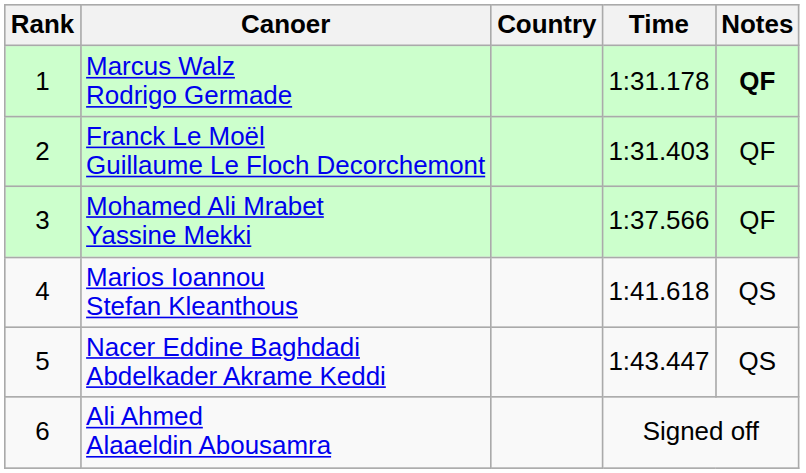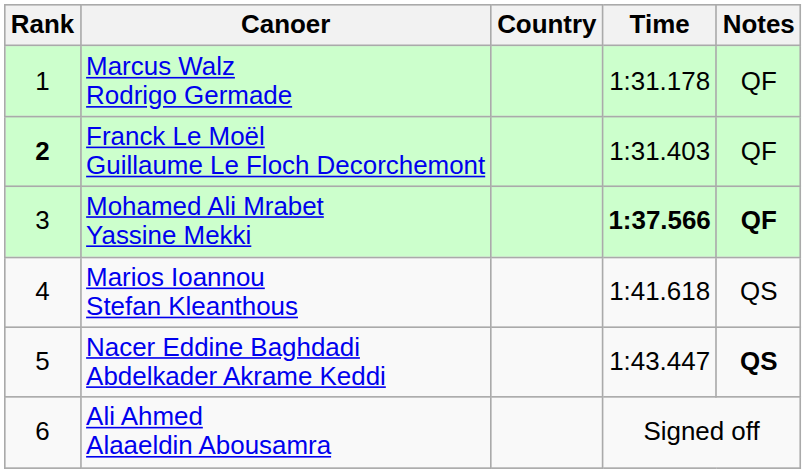 <table class="wikitable" style="text-align:center;">
 <tr>
 <th>Rank</th>
 <th>Canoer</th>
 <th>Country</th>
 <th>Time</th>
 <th>Notes</th>
 </tr>
 <tr bgcolor=ccffcc>
 <td>1</td>
 <td align="left"><a href='#'>Marcus Walz</a><br><a href='#'>Rodrigo Germade</a></td>
 <td align="left"></td>
 <td>1:31.178</td>
-<td><strong>QF</strong></td>
+<td>QF</td>
 </tr>
 <tr bgcolor=ccffcc>
-<td>2</td>
+<td><strong>2</strong></td>
 <td align="left"><a href='#'>Franck Le Moël</a><br><a href='#'>Guillaume Le Floch Decorchemont</a></td>
 <td align="left"></td>
 <td>1:31.403</td>
 <td>QF</td>
 </tr>
 <tr bgcolor=ccffcc>
 <td>3</td>
 <td align="left"><a href='#'>Mohamed Ali Mrabet</a><br><a href='#'>Yassine Mekki</a></td>
 <td align="left"></td>
-<td>1:37.566</td>
-<td>QF</td>
+<td><strong>1:37.566</strong></td>
+<td><strong>QF</strong></td>
 </tr>
 <tr>
 <td>4</td>
 <td align="left"><a href='#'>Marios Ioannou</a><br><a href='#'>Stefan Kleanthous</a></td>
 <td align="left"></td>
 <td>1:41.618</td>
 <td>QS</td>
 </tr>
 <tr>
 <td>5</td>
 <td align="left"><a href='#'>Nacer Eddine Baghdadi</a><br><a href='#'>Abdelkader Akrame Keddi</a></td>
 <td align="left"></td>
 <td>1:43.447</td>
-<td>QS</td>
+<td><strong>QS</strong></td>
 </tr>
 <tr>
 <td>6</td>
 <td align="left"><a href='#'>Ali Ahmed</a><br><a href='#'>Alaaeldin Abousamra</a></td>
 <td align="left"></td>
 <td colspan=2>Signed off</td>
 </tr>
 </table>
